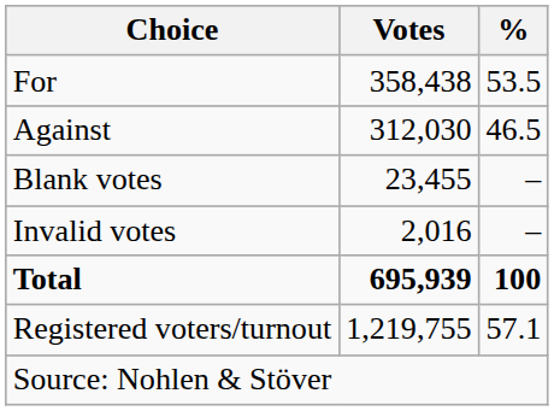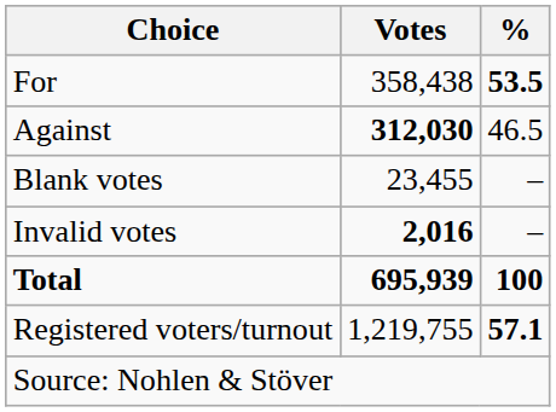 <table class=wikitable style=text-align:right>
 <tr>
 <th>Choice</th>
 <th>Votes</th>
 <th>%</th>
 </tr>
 <tr>
 <td align=left>For</td>
 <td>358,438</td>
-<td>53.5</td>
+<td><strong>53.5</strong></td>
 </tr>
 <tr>
 <td align=left>Against</td>
-<td>312,030</td>
+<td><strong>312,030</strong></td>
 <td>46.5</td>
 </tr>
 <tr>
 <td align=left>Blank votes</td>
 <td>23,455</td>
 <td>–</td>
 </tr>
 <tr>
 <td align=left>Invalid votes</td>
-<td>2,016</td>
+<td><strong>2,016</strong></td>
 <td>–</td>
 </tr>
 <tr>
 <td align=left><strong>Total</strong></td>
 <td><strong>695,939</strong></td>
 <td><strong>100</strong></td>
 </tr>
 <tr>
 <td align=left>Registered voters/turnout</td>
 <td>1,219,755</td>
-<td>57.1</td>
+<td><strong>57.1</strong></td>
 </tr>
 <tr>
 <td align=left colspan=3>Source: Nohlen & Stöver</td>
 </tr>
 </table>
